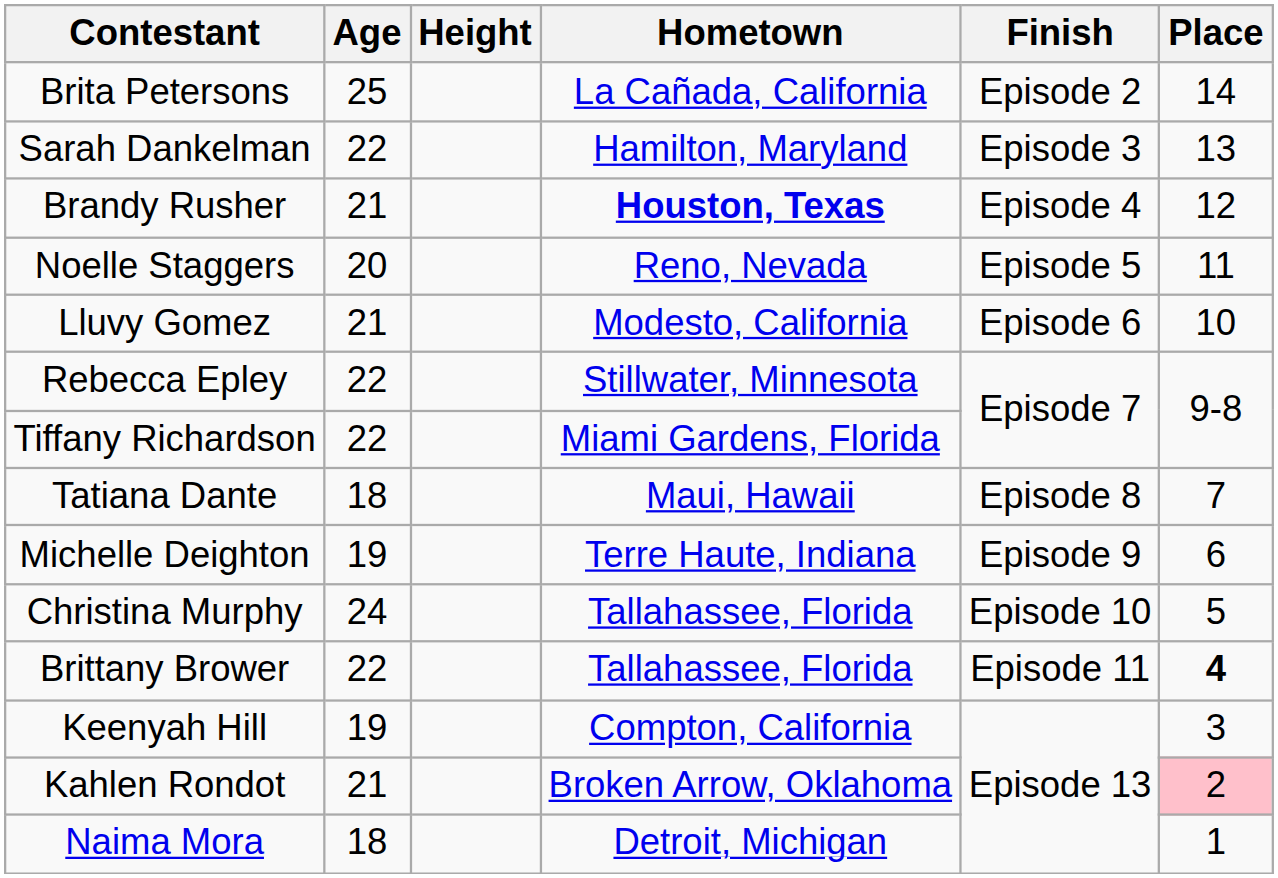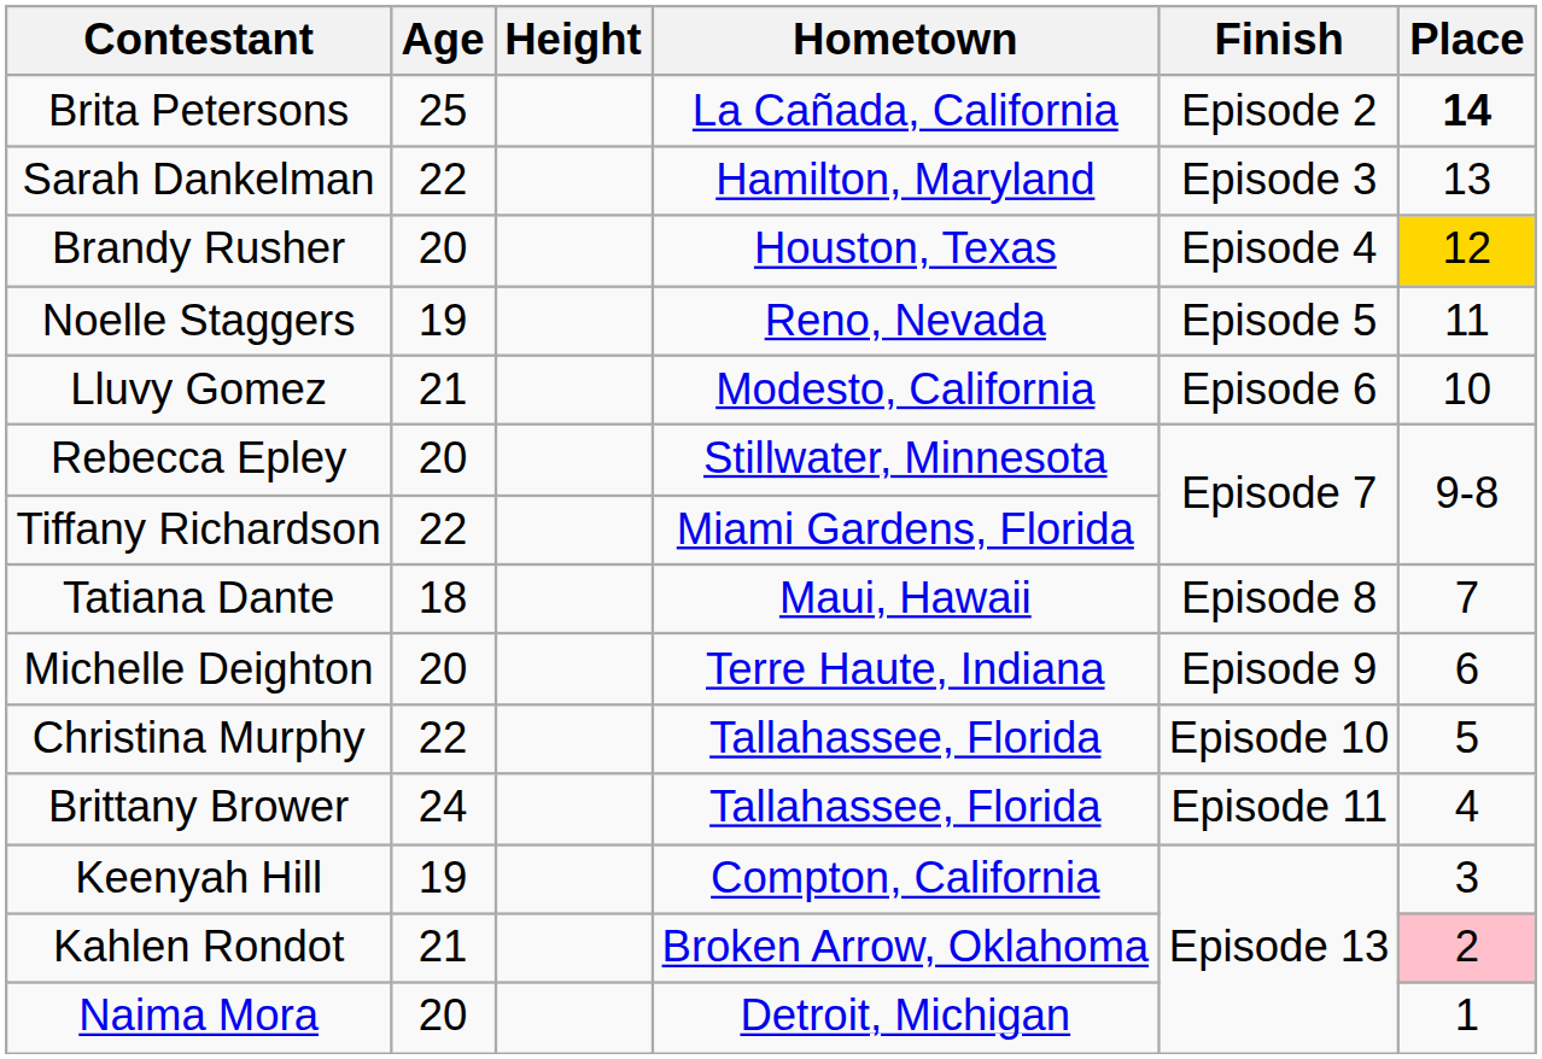 <table class="wikitable sortable" style="text-align:center;">
 <tr>
 <th>Contestant</th>
 <th>Age</th>
 <th>Height</th>
 <th>Hometown</th>
 <th>Finish</th>
 <th>Place</th>
 </tr>
 <tr>
 <td nowrap>Brita Petersons </td>
 <td>25</td>
 <td nowrap></td>
 <td><a href='#'>La Cañada, California</a></td>
 <td>Episode 2</td>
-<td>14</td>
+<td><strong>14</strong></td>
 </tr>
 <tr>
 <td>Sarah Dankelman</td>
 <td>22</td>
 <td></td>
 <td><a href='#'>Hamilton, Maryland</a></td>
 <td>Episode 3</td>
 <td>13</td>
 </tr>
 <tr>
 <td>Brandy Rusher</td>
-<td>21</td>
+<td>20</td>
 <td></td>
-<td><strong><a href='#'>Houston, Texas</a></strong></td>
+<td><a href='#'>Houston, Texas</a></td>
 <td>Episode 4</td>
-<td>12</td>
+<td style="background: gold;">12</td>
 </tr>
 <tr>
 <td>Noelle Staggers</td>
-<td>20</td>
+<td>19</td>
 <td></td>
 <td><a href='#'>Reno, Nevada</a></td>
 <td>Episode 5</td>
 <td>11</td>
 </tr>
 <tr>
 <td>Lluvy Gomez</td>
 <td>21</td>
 <td></td>
 <td><a href='#'>Modesto, California</a></td>
 <td>Episode 6</td>
 <td>10</td>
 </tr>
 <tr>
 <td>Rebecca Epley</td>
-<td>22</td>
+<td>20</td>
 <td></td>
 <td><a href='#'>Stillwater, Minnesota</a></td>
 <td rowspan="2">Episode 7</td>
 <td rowspan="2">9-8</td>
 </tr>
 <tr>
 <td>Tiffany Richardson</td>
 <td>22</td>
 <td></td>
 <td><a href='#'>Miami Gardens, Florida</a></td>
 </tr>
 <tr>
 <td>Tatiana Dante</td>
 <td>18</td>
 <td></td>
 <td><a href='#'>Maui, Hawaii</a></td>
 <td>Episode 8</td>
 <td>7</td>
 </tr>
 <tr>
 <td>Michelle Deighton</td>
-<td>19</td>
+<td>20</td>
 <td></td>
 <td><a href='#'>Terre Haute, Indiana</a></td>
 <td>Episode 9</td>
 <td>6</td>
 </tr>
 <tr>
 <td>Christina Murphy</td>
-<td>24</td>
+<td>22</td>
 <td></td>
 <td><a href='#'>Tallahassee, Florida</a></td>
 <td>Episode 10</td>
 <td>5</td>
 </tr>
 <tr>
 <td nowrap>Brittany Brower</td>
-<td>22</td>
+<td>24</td>
 <td></td>
 <td nowrap><a href='#'>Tallahassee, Florida</a></td>
 <td>Episode 11</td>
-<td><strong>4</strong></td>
+<td>4</td>
 </tr>
 <tr>
 <td>Keenyah Hill</td>
 <td>19</td>
 <td nowrap></td>
 <td nowrap><a href='#'>Compton, California</a></td>
 <td rowspan="3">Episode 13</td>
 <td>3</td>
 </tr>
 <tr>
 <td>Kahlen Rondot</td>
 <td>21</td>
 <td></td>
 <td><a href='#'>Broken Arrow, Oklahoma</a></td>
 <td style="background: pink;">2</td>
 </tr>
 <tr>
 <td><a href='#'>Naima Mora</a></td>
-<td>18</td>
+<td>20</td>
 <td></td>
 <td><a href='#'>Detroit, Michigan</a></td>
 <td>1</td>
 </tr>
 <tr>
 </tr>
 </table>
